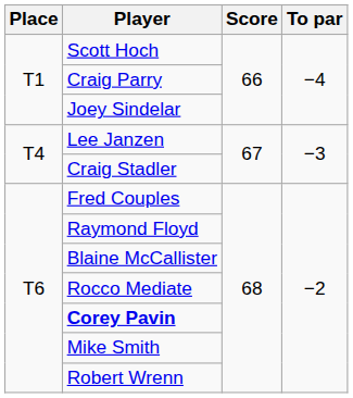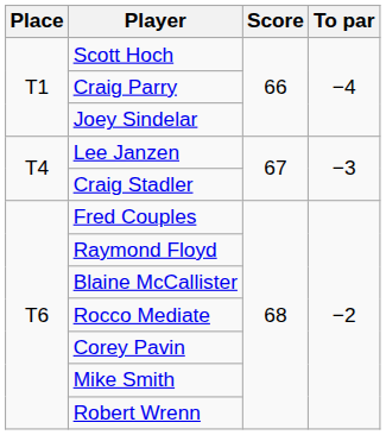 <table class="wikitable">
 <tr>
 <th>Place</th>
 <th>Player</th>
 <th>Score</th>
 <th>To par</th>
 </tr>
 <tr>
 <td rowspan="3" align=center>T1</td>
 <td> <a href='#'>Scott Hoch</a></td>
 <td rowspan="3" align=center>66</td>
 <td rowspan="3" align=center>−4</td>
 </tr>
 <tr>
 <td> <a href='#'>Craig Parry</a></td>
 </tr>
 <tr>
 <td> <a href='#'>Joey Sindelar</a></td>
 </tr>
 <tr>
 <td rowspan="2" align=center>T4</td>
 <td> <a href='#'>Lee Janzen</a></td>
 <td rowspan="2" align=center>67</td>
 <td rowspan="2" align=center>−3</td>
 </tr>
 <tr>
 <td> <a href='#'>Craig Stadler</a></td>
 </tr>
 <tr>
 <td rowspan="7" align=center>T6</td>
 <td> <a href='#'>Fred Couples</a></td>
 <td rowspan="7" align=center>68</td>
 <td rowspan="7" align=center>−2</td>
 </tr>
 <tr>
 <td> <a href='#'>Raymond Floyd</a></td>
 </tr>
 <tr>
 <td> <a href='#'>Blaine McCallister</a></td>
 </tr>
 <tr>
 <td> <a href='#'>Rocco Mediate</a></td>
 </tr>
 <tr>
-<td><strong> <a href='#'>Corey Pavin</a></strong></td>
+<td> <a href='#'>Corey Pavin</a></td>
 </tr>
 <tr>
 <td> <a href='#'>Mike Smith</a></td>
 </tr>
 <tr>
 <td> <a href='#'>Robert Wrenn</a></td>
 </tr>
 </table>
